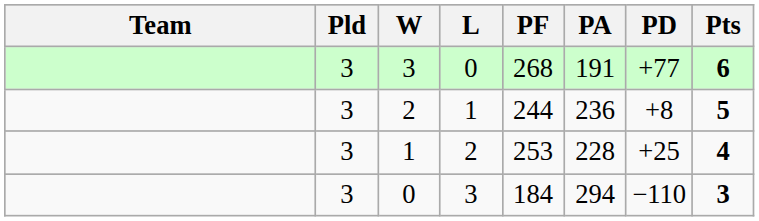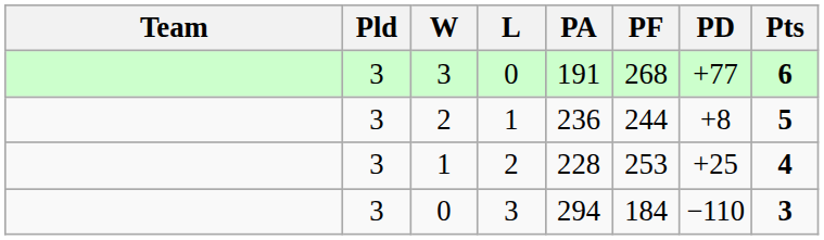 <table class="wikitable" style="text-align:center;">
 <tr>
 <th width=180>Team</th>
 <th width=30>Pld</th>
 <th width=30>W</th>
 <th width=30>L</th>
+<th width=30>PA</th>
 <th width=30>PF</th>
-<th width=30>PA</th>
 <th width=30>PD</th>
 <th width=30>Pts</th>
 </tr>
 <tr bgcolor="#ccffcc">
 <td align="left"></td>
 <td>3</td>
 <td>3</td>
 <td>0</td>
+<td>191</td>
 <td>268</td>
-<td>191</td>
 <td>+77</td>
 <td><strong>6</strong></td>
 </tr>
 <tr>
 <td align="left"></td>
 <td>3</td>
 <td>2</td>
 <td>1</td>
+<td>236</td>
 <td>244</td>
-<td>236</td>
 <td>+8</td>
 <td><strong>5</strong></td>
 </tr>
 <tr>
 <td align="left"></td>
 <td>3</td>
 <td>1</td>
 <td>2</td>
+<td>228</td>
 <td>253</td>
-<td>228</td>
 <td>+25</td>
 <td><strong>4</strong></td>
 </tr>
 <tr>
 <td align="left"></td>
 <td>3</td>
 <td>0</td>
 <td>3</td>
+<td>294</td>
 <td>184</td>
-<td>294</td>
 <td>−110</td>
 <td><strong>3</strong></td>
 </tr>
 </table>
